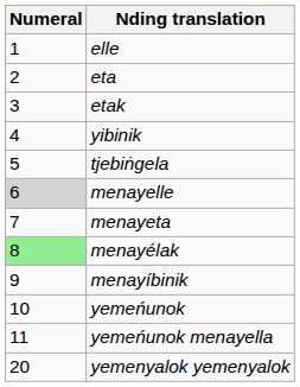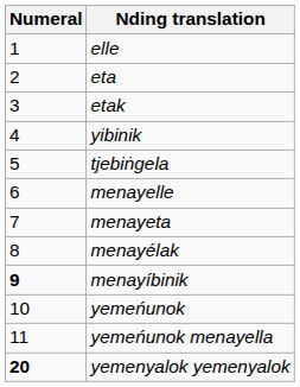 <table class="wikitable">
 <tr>
 <th>Numeral</th>
 <th>Nding translation</th>
 </tr>
 <tr>
 <td>1</td>
 <td><em>elle</em></td>
 </tr>
 <tr>
 <td>2</td>
 <td><em>eta</em></td>
 </tr>
 <tr>
 <td>3</td>
 <td><em>etak</em></td>
 </tr>
 <tr>
 <td>4</td>
 <td><em>yibinik</em></td>
 </tr>
 <tr>
 <td>5</td>
 <td><em>tjebiṅgela</em></td>
 </tr>
 <tr>
-<td style="background: lightgrey;">6</td>
+<td>6</td>
 <td><em>menayelle</em></td>
 </tr>
 <tr>
 <td>7</td>
 <td><em>menayeta</em></td>
 </tr>
 <tr>
-<td style="background: lightgreen;">8</td>
+<td>8</td>
 <td><em>menayélak</em></td>
 </tr>
 <tr>
-<td>9</td>
+<td><strong>9</strong></td>
 <td><em>menayíbinik</em></td>
 </tr>
 <tr>
 <td>10</td>
 <td><em>yemeńunok</em></td>
 </tr>
 <tr>
 <td>11</td>
 <td><em>yemeńunok</em> <em>menayella</em></td>
 </tr>
 <tr>
-<td>20</td>
+<td><strong>20</strong></td>
 <td><em>yemenyalok yemenyalok</em></td>
 </tr>
 </table>
